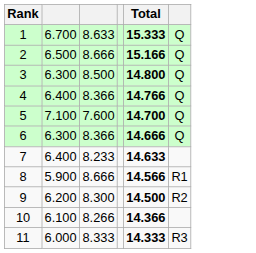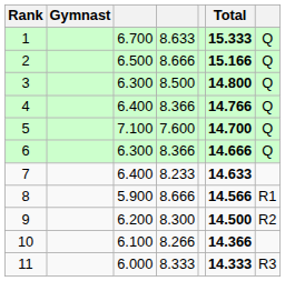 <table class="wikitable sortable" style="text-align:center">
 <tr>
 <th>Rank</th>
+<th>Gymnast</th>
 <th><small></small></th>
 <th><small></small></th>
 <th><small></small></th>
 <th>Total</th>
 <th><small></small></th>
 </tr>
 <tr bgcolor=ccffcc>
 <td>1</td>
+<td align=left></td>
 <td>6.700</td>
 <td>8.633</td>
 <td></td>
 <td><strong>15.333</strong></td>
 <td>Q</td>
 </tr>
 <tr bgcolor=ccffcc>
 <td>2</td>
+<td align=left></td>
 <td>6.500</td>
 <td>8.666</td>
 <td></td>
 <td><strong>15.166</strong></td>
 <td>Q</td>
 </tr>
 <tr bgcolor=ccffcc>
 <td>3</td>
+<td align=left></td>
 <td>6.300</td>
 <td>8.500</td>
 <td></td>
 <td><strong>14.800</strong></td>
 <td>Q</td>
 </tr>
 <tr bgcolor=ccffcc>
 <td>4</td>
+<td align=left></td>
 <td>6.400</td>
 <td>8.366</td>
 <td></td>
 <td><strong>14.766</strong></td>
 <td>Q</td>
 </tr>
 <tr bgcolor=ccffcc>
 <td>5</td>
+<td align=left></td>
 <td>7.100</td>
 <td>7.600</td>
 <td></td>
 <td><strong>14.700</strong></td>
 <td>Q</td>
 </tr>
 <tr bgcolor=ccffcc>
 <td>6</td>
+<td align=left></td>
 <td>6.300</td>
 <td>8.366</td>
 <td></td>
 <td><strong>14.666</strong></td>
 <td>Q</td>
 </tr>
 <tr>
 <td>7</td>
+<td align=left></td>
 <td>6.400</td>
 <td>8.233</td>
 <td></td>
 <td><strong>14.633</strong></td>
 <td></td>
 </tr>
 <tr>
 <td>8</td>
+<td align=left></td>
 <td>5.900</td>
 <td>8.666</td>
 <td></td>
 <td><strong>14.566</strong></td>
 <td>R1</td>
 </tr>
 <tr>
 <td>9</td>
+<td align=left></td>
 <td>6.200</td>
 <td>8.300</td>
 <td></td>
 <td><strong>14.500</strong></td>
 <td>R2</td>
 </tr>
 <tr>
 <td>10</td>
+<td align=left></td>
 <td>6.100</td>
 <td>8.266</td>
 <td></td>
 <td><strong>14.366</strong></td>
 <td></td>
 </tr>
 <tr>
 <td>11</td>
+<td align=left></td>
 <td>6.000</td>
 <td>8.333</td>
 <td></td>
 <td><strong>14.333</strong></td>
 <td>R3</td>
 </tr>
 </table>
